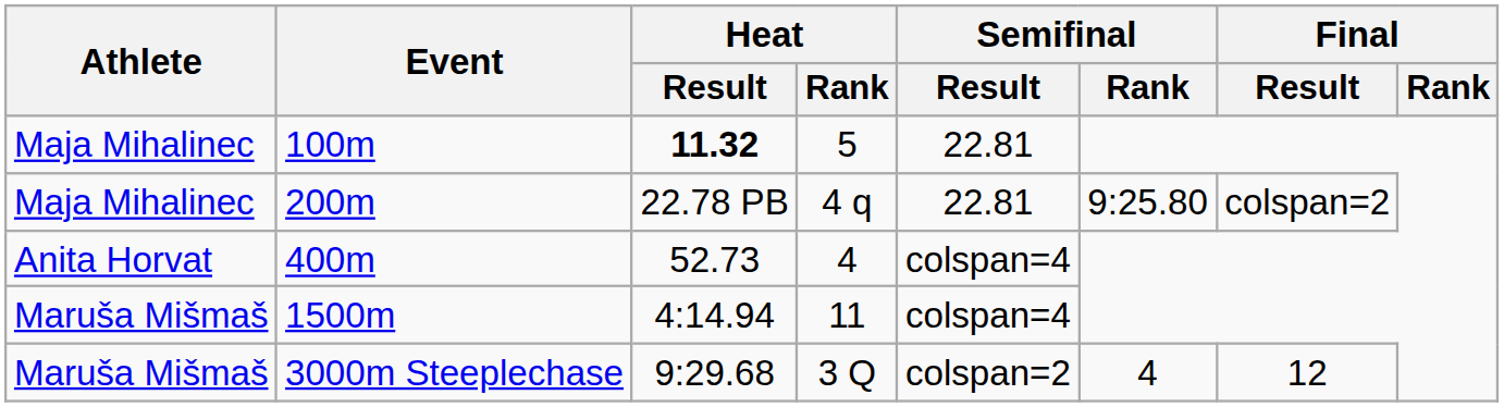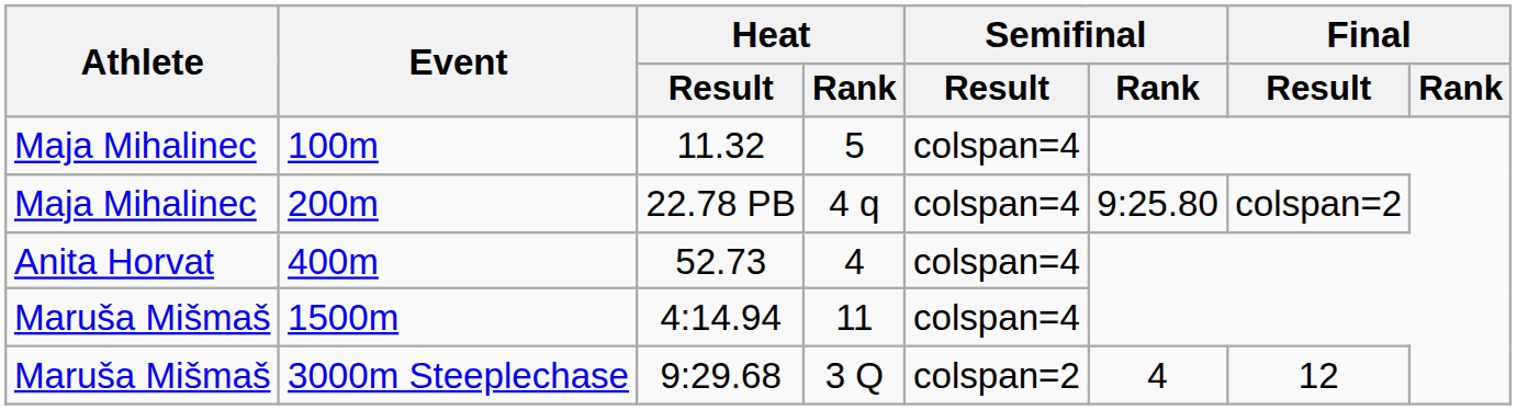 <table class="wikitable" style="font-size:90%">
 <tr>
 <th rowspan="2">Athlete</th>
 <th rowspan="2">Event</th>
 <th colspan="2">Heat</th>
 <th colspan="2">Semifinal</th>
 <th colspan="2">Final</th>
 </tr>
 <tr style="font-size:95%">
 <th>Result</th>
 <th>Rank</th>
 <th>Result</th>
 <th>Rank</th>
 <th>Result</th>
 <th>Rank</th>
 </tr>
 <tr style=text-align:center>
 <td style=text-align:left><a href='#'>Maja Mihalinec</a></td>
 <td style=text-align:left><a href='#'>100m</a></td>
-<td><strong>11.32</strong></td>
+<td>11.32</td>
 <td>5</td>
-<td>22.81</td>
+<td>colspan=4 </td>
 </tr>
 <tr style=text-align:center>
 <td style=text-align:left><a href='#'>Maja Mihalinec</a></td>
 <td style=text-align:left><a href='#'>200m</a></td>
 <td>22.78 PB</td>
 <td>4 q</td>
-<td>22.81</td>
+<td>colspan=4 </td>
 <td>9:25.80</td>
 <td>colspan=2 </td>
 </tr>
 <tr style=text-align:center>
 <td style=text-align:left><a href='#'>Anita Horvat</a></td>
 <td style=text-align:left><a href='#'>400m</a></td>
 <td>52.73</td>
 <td>4</td>
 <td>colspan=4 </td>
 </tr>
 <tr style=text-align:center>
 <td style=text-align:left><a href='#'>Maruša Mišmaš</a></td>
 <td style=text-align:left><a href='#'>1500m</a></td>
 <td>4:14.94</td>
 <td>11</td>
 <td>colspan=4 </td>
 </tr>
 <tr style=text-align:center>
 <td style=text-align:left><a href='#'>Maruša Mišmaš</a></td>
 <td style=text-align:left><a href='#'>3000m Steeplechase</a></td>
 <td>9:29.68</td>
 <td>3 Q</td>
 <td>colspan=2 </td>
 <td>4</td>
 <td>12</td>
 </tr>
 </table>
